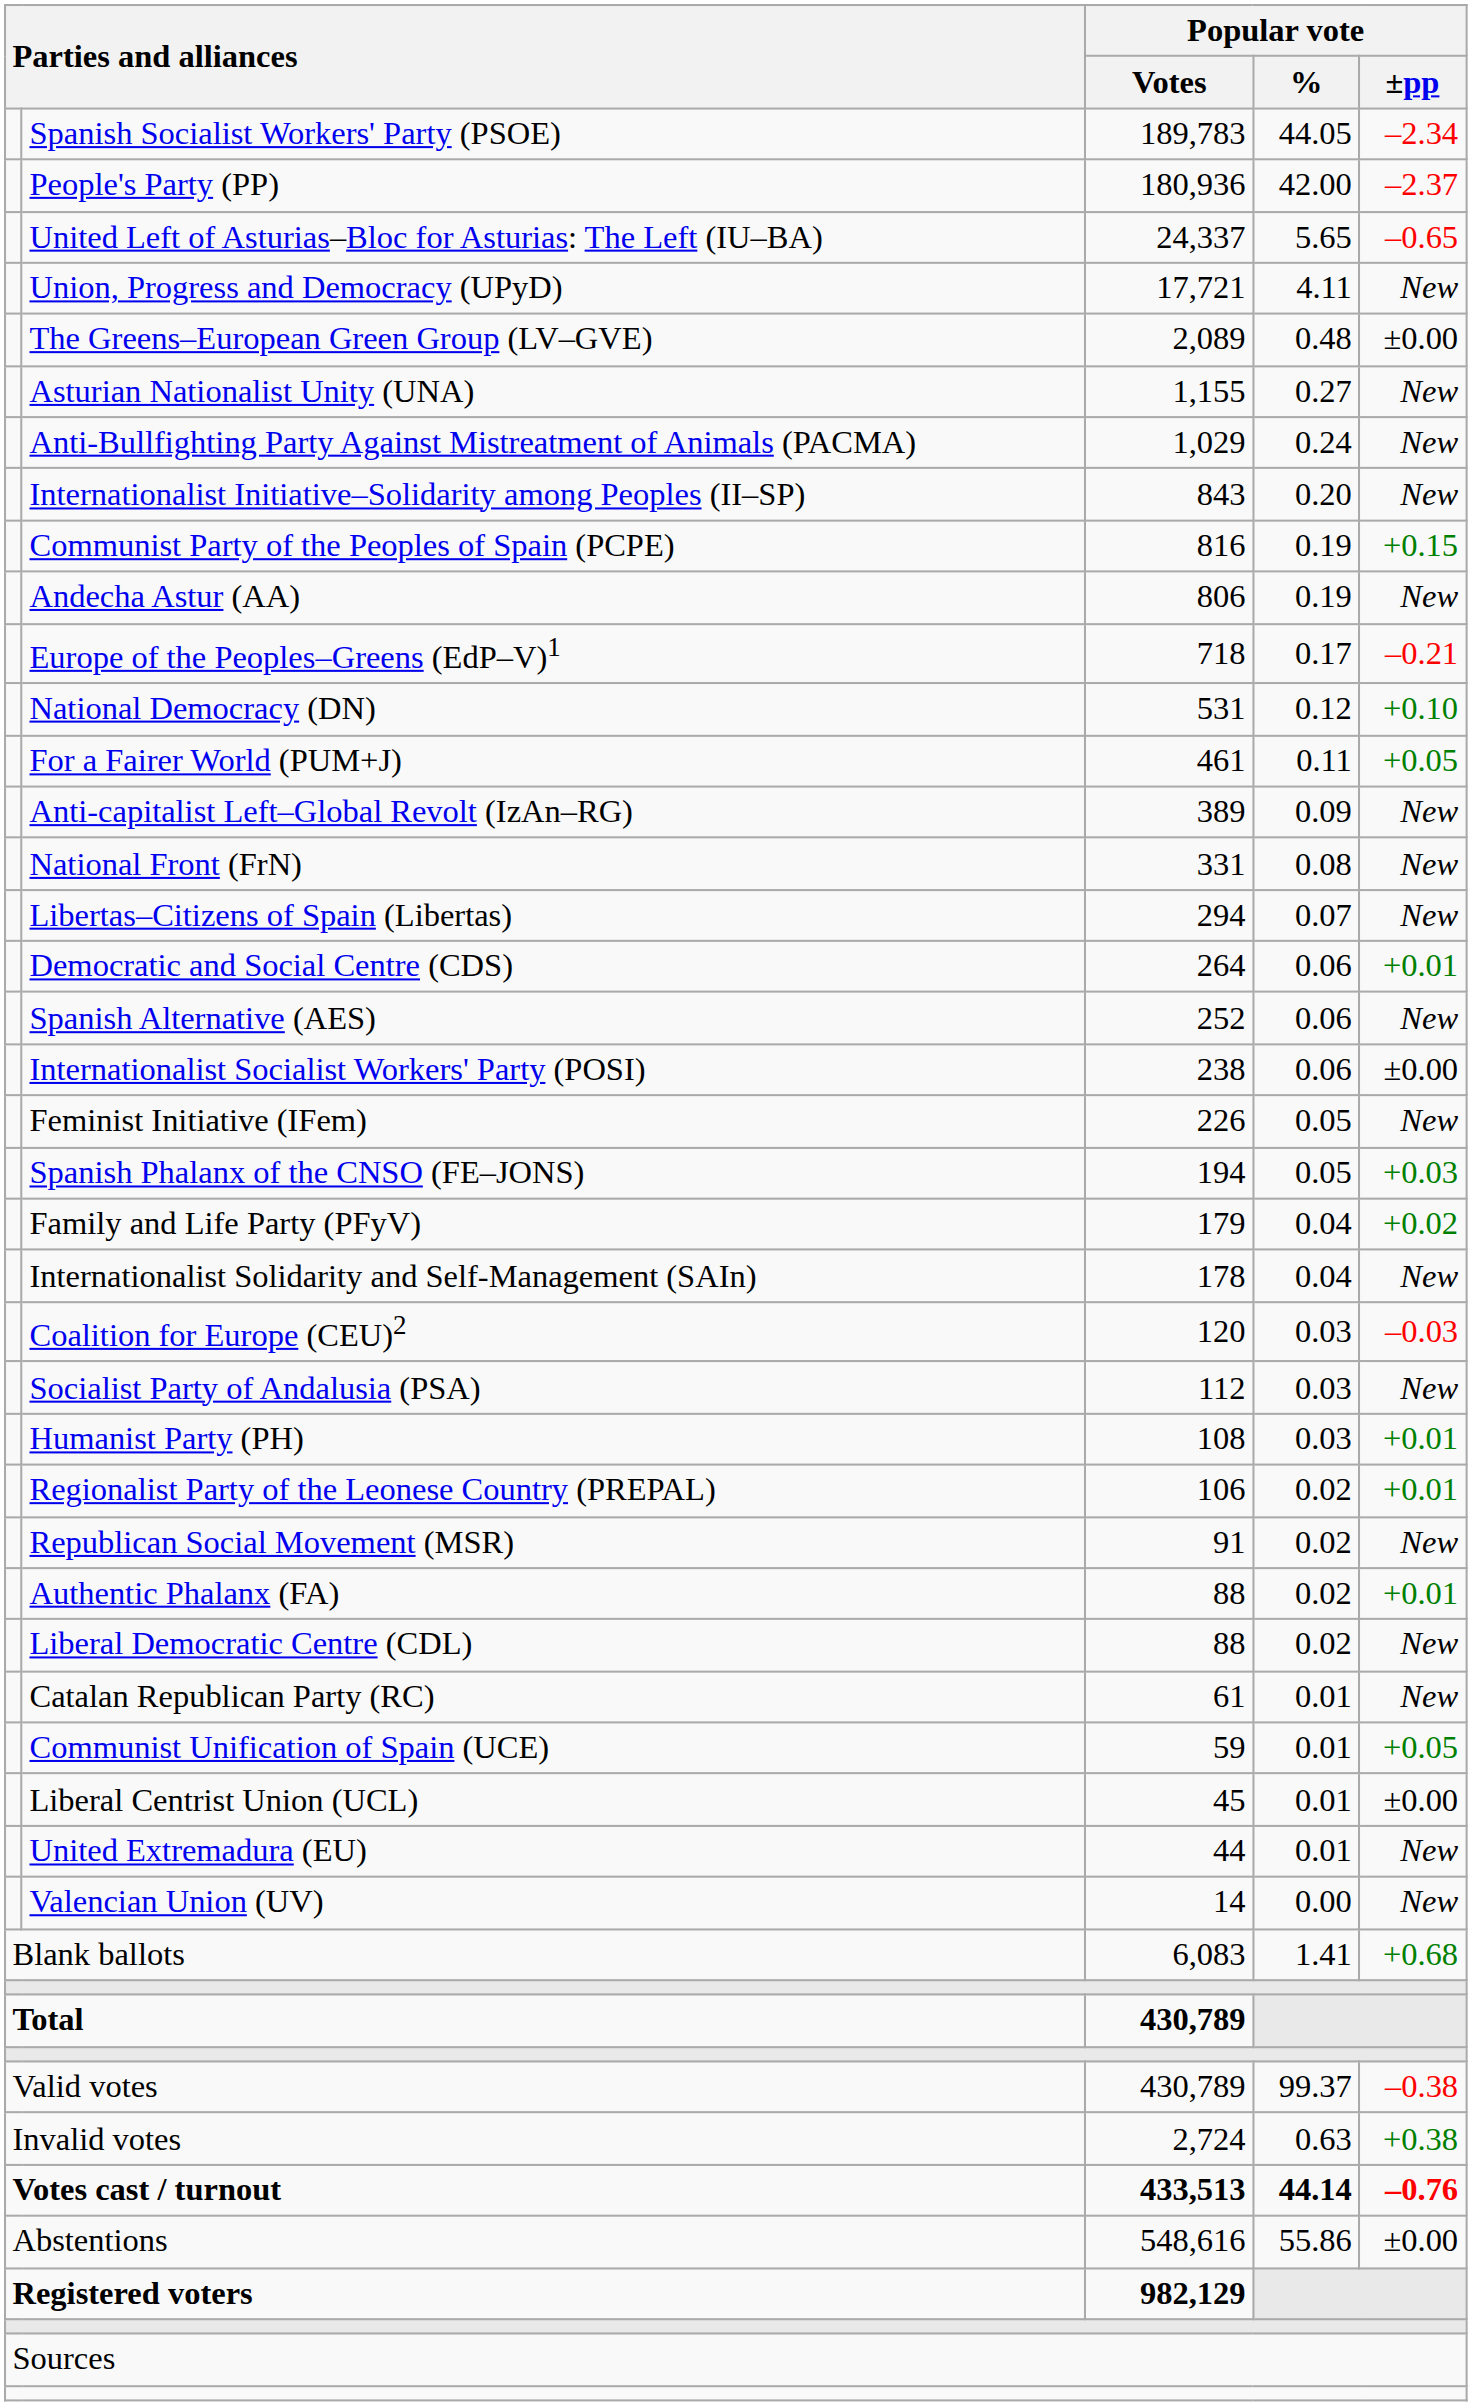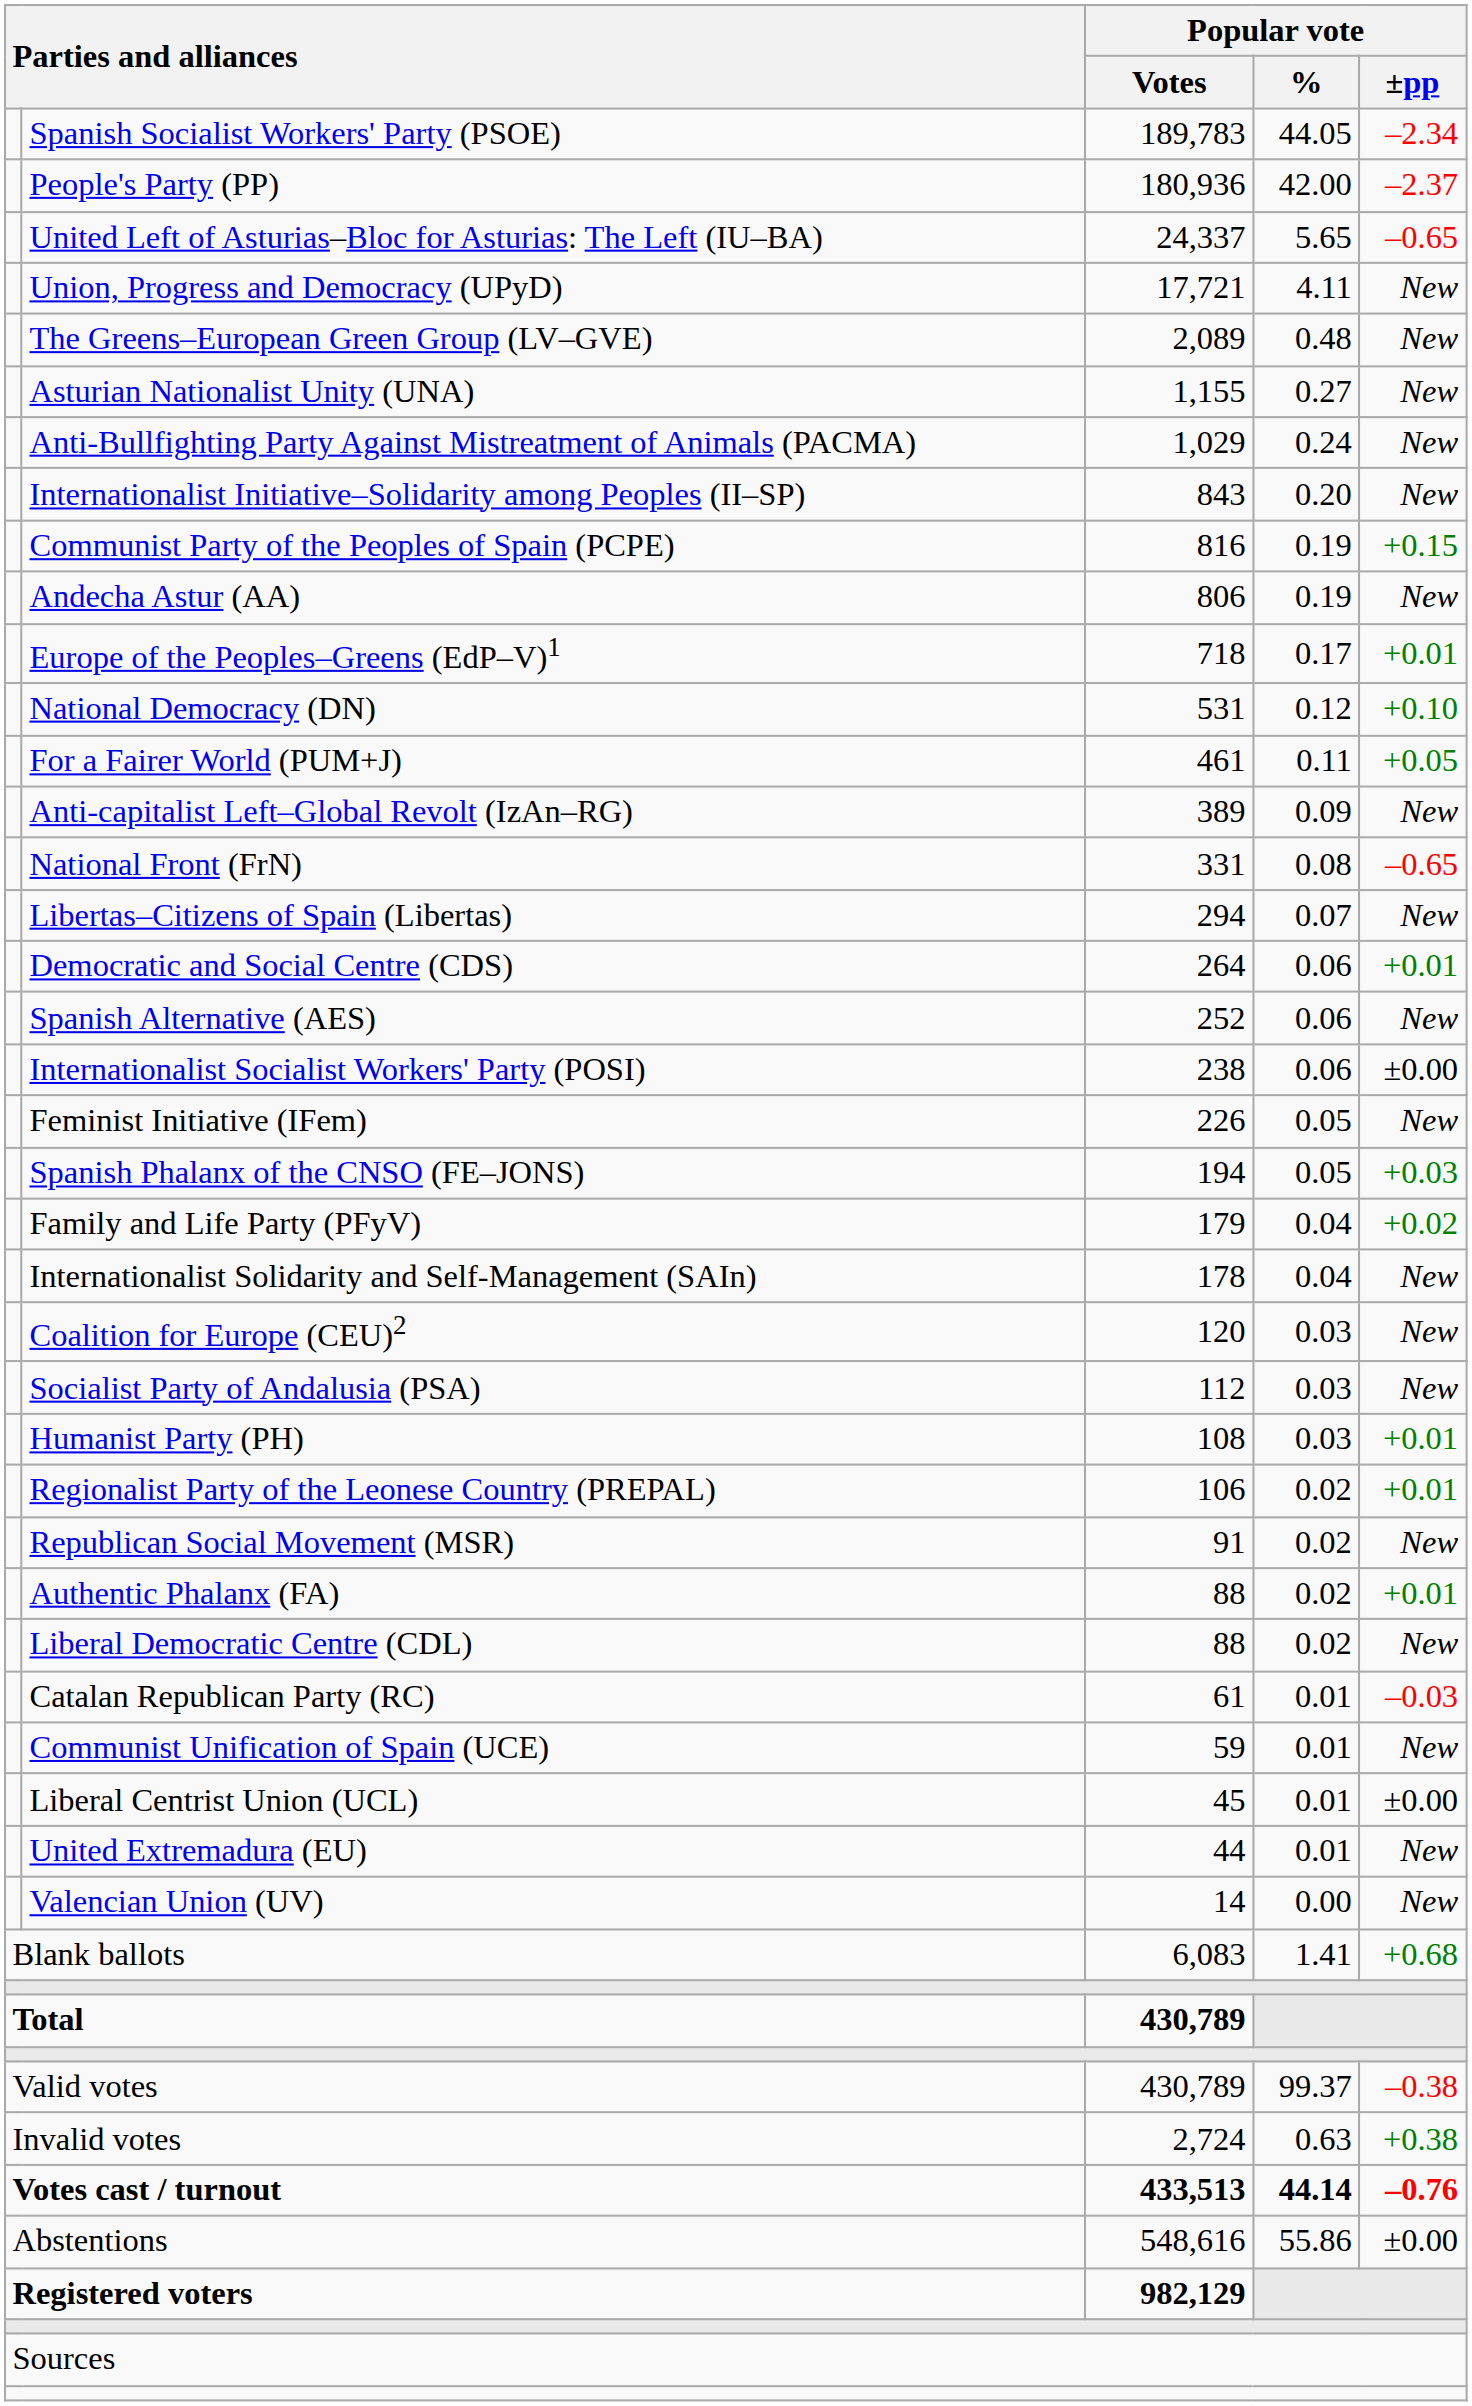 <table class="wikitable" style="text-align:right">
 <tr>
 <th style="text-align:left;" rowspan="2" colspan="2" width="525">Parties and alliances</th>
 <th colspan="3">Popular vote</th>
 </tr>
 <tr>
 <th width="75">Votes</th>
 <th width="45">%</th>
 <th width="45">±<a href='#'>pp</a></th>
 </tr>
 <tr>
 <td width="1" style="color:inherit;background:"></td>
 <td align="left"><a href='#'>Spanish Socialist Workers' Party</a> (PSOE)</td>
 <td>189,783</td>
 <td>44.05</td>
 <td style="color:red;">–2.34</td>
 </tr>
 <tr>
 <td style="color:inherit;background:"></td>
 <td align="left"><a href='#'>People's Party</a> (PP)</td>
 <td>180,936</td>
 <td>42.00</td>
 <td style="color:red;">–2.37</td>
 </tr>
 <tr>
 <td style="color:inherit;background:"></td>
 <td align="left"><a href='#'>United Left of Asturias</a>–<a href='#'>Bloc for Asturias</a>: <a href='#'>The Left</a> (IU–BA)</td>
 <td>24,337</td>
 <td>5.65</td>
 <td style="color:red;">–0.65</td>
 </tr>
 <tr>
 <td style="color:inherit;background:"></td>
 <td align="left"><a href='#'>Union, Progress and Democracy</a> (UPyD)</td>
 <td>17,721</td>
 <td>4.11</td>
 <td><em>New</em></td>
 </tr>
 <tr>
 <td style="color:inherit;background:"></td>
 <td align="left"><a href='#'>The Greens–European Green Group</a> (LV–GVE)</td>
 <td>2,089</td>
 <td>0.48</td>
-<td>±0.00</td>
+<td><em>New</em></td>
 </tr>
 <tr>
 <td style="color:inherit;background:"></td>
 <td align="left"><a href='#'>Asturian Nationalist Unity</a> (UNA)</td>
 <td>1,155</td>
 <td>0.27</td>
 <td><em>New</em></td>
 </tr>
 <tr>
 <td style="color:inherit;background:"></td>
 <td align="left"><a href='#'>Anti-Bullfighting Party Against Mistreatment of Animals</a> (PACMA)</td>
 <td>1,029</td>
 <td>0.24</td>
 <td><em>New</em></td>
 </tr>
 <tr>
 <td style="color:inherit;background:"></td>
 <td align="left"><a href='#'>Internationalist Initiative–Solidarity among Peoples</a> (II–SP)</td>
 <td>843</td>
 <td>0.20</td>
 <td><em>New</em></td>
 </tr>
 <tr>
 <td style="color:inherit;background:"></td>
 <td align="left"><a href='#'>Communist Party of the Peoples of Spain</a> (PCPE)</td>
 <td>816</td>
 <td>0.19</td>
 <td style="color:green;">+0.15</td>
 </tr>
 <tr>
 <td style="color:inherit;background:"></td>
 <td align="left"><a href='#'>Andecha Astur</a> (AA)</td>
 <td>806</td>
 <td>0.19</td>
 <td><em>New</em></td>
 </tr>
 <tr>
 <td style="color:inherit;background:"></td>
 <td align="left"><a href='#'>Europe of the Peoples–Greens</a> (EdP–V)<sup>1</sup></td>
 <td>718</td>
 <td>0.17</td>
-<td style="color:red;">–0.21</td>
+<td style="color:green;">+0.01</td>
 </tr>
 <tr>
 <td style="color:inherit;background:"></td>
 <td align="left"><a href='#'>National Democracy</a> (DN)</td>
 <td>531</td>
 <td>0.12</td>
 <td style="color:green;">+0.10</td>
 </tr>
 <tr>
 <td style="color:inherit;background:"></td>
 <td align="left"><a href='#'>For a Fairer World</a> (PUM+J)</td>
 <td>461</td>
 <td>0.11</td>
 <td style="color:green;">+0.05</td>
 </tr>
 <tr>
 <td style="color:inherit;background:"></td>
 <td align="left"><a href='#'>Anti-capitalist Left–Global Revolt</a> (IzAn–RG)</td>
 <td>389</td>
 <td>0.09</td>
 <td><em>New</em></td>
 </tr>
 <tr>
 <td style="color:inherit;background:"></td>
 <td align="left"><a href='#'>National Front</a> (FrN)</td>
 <td>331</td>
 <td>0.08</td>
-<td><em>New</em></td>
+<td style="color:red;">–0.65</td>
 </tr>
 <tr>
 <td style="color:inherit;background:"></td>
 <td align="left"><a href='#'>Libertas–Citizens of Spain</a> (Libertas)</td>
 <td>294</td>
 <td>0.07</td>
 <td><em>New</em></td>
 </tr>
 <tr>
 <td style="color:inherit;background:"></td>
 <td align="left"><a href='#'>Democratic and Social Centre</a> (CDS)</td>
 <td>264</td>
 <td>0.06</td>
 <td style="color:green;">+0.01</td>
 </tr>
 <tr>
 <td style="color:inherit;background:"></td>
 <td align="left"><a href='#'>Spanish Alternative</a> (AES)</td>
 <td>252</td>
 <td>0.06</td>
 <td><em>New</em></td>
 </tr>
 <tr>
 <td style="color:inherit;background:"></td>
 <td align="left"><a href='#'>Internationalist Socialist Workers' Party</a> (POSI)</td>
 <td>238</td>
 <td>0.06</td>
 <td>±0.00</td>
 </tr>
 <tr>
 <td style="color:inherit;background:"></td>
 <td align="left">Feminist Initiative (IFem)</td>
 <td>226</td>
 <td>0.05</td>
 <td><em>New</em></td>
 </tr>
 <tr>
 <td style="color:inherit;background:"></td>
 <td align="left"><a href='#'>Spanish Phalanx of the CNSO</a> (FE–JONS)</td>
 <td>194</td>
 <td>0.05</td>
 <td style="color:green;">+0.03</td>
 </tr>
 <tr>
 <td style="color:inherit;background:"></td>
 <td align="left">Family and Life Party (PFyV)</td>
 <td>179</td>
 <td>0.04</td>
 <td style="color:green;">+0.02</td>
 </tr>
 <tr>
 <td style="color:inherit;background:"></td>
 <td align="left">Internationalist Solidarity and Self-Management (SAIn)</td>
 <td>178</td>
 <td>0.04</td>
 <td><em>New</em></td>
 </tr>
 <tr>
 <td style="color:inherit;background:"></td>
 <td align="left"><a href='#'>Coalition for Europe</a> (CEU)<sup>2</sup></td>
 <td>120</td>
 <td>0.03</td>
-<td style="color:red;">–0.03</td>
+<td><em>New</em></td>
 </tr>
 <tr>
 <td style="color:inherit;background:"></td>
 <td align="left"><a href='#'>Socialist Party of Andalusia</a> (PSA)</td>
 <td>112</td>
 <td>0.03</td>
 <td><em>New</em></td>
 </tr>
 <tr>
 <td style="color:inherit;background:"></td>
 <td align="left"><a href='#'>Humanist Party</a> (PH)</td>
 <td>108</td>
 <td>0.03</td>
 <td style="color:green;">+0.01</td>
 </tr>
 <tr>
 <td style="color:inherit;background:"></td>
 <td align="left"><a href='#'>Regionalist Party of the Leonese Country</a> (PREPAL)</td>
 <td>106</td>
 <td>0.02</td>
 <td style="color:green;">+0.01</td>
 </tr>
 <tr>
 <td style="color:inherit;background:"></td>
 <td align="left"><a href='#'>Republican Social Movement</a> (MSR)</td>
 <td>91</td>
 <td>0.02</td>
 <td><em>New</em></td>
 </tr>
 <tr>
 <td style="color:inherit;background:"></td>
 <td align="left"><a href='#'>Authentic Phalanx</a> (FA)</td>
 <td>88</td>
 <td>0.02</td>
 <td style="color:green;">+0.01</td>
 </tr>
 <tr>
 <td style="color:inherit;background:"></td>
 <td align="left"><a href='#'>Liberal Democratic Centre</a> (CDL)</td>
 <td>88</td>
 <td>0.02</td>
 <td><em>New</em></td>
 </tr>
 <tr>
 <td style="color:inherit;background:"></td>
 <td align="left">Catalan Republican Party (RC)</td>
 <td>61</td>
 <td>0.01</td>
-<td><em>New</em></td>
+<td style="color:red;">–0.03</td>
 </tr>
 <tr>
 <td style="color:inherit;background:"></td>
 <td align="left"><a href='#'>Communist Unification of Spain</a> (UCE)</td>
 <td>59</td>
 <td>0.01</td>
-<td style="color:green;">+0.05</td>
+<td><em>New</em></td>
 </tr>
 <tr>
 <td style="color:inherit;background:"></td>
 <td align="left">Liberal Centrist Union (UCL)</td>
 <td>45</td>
 <td>0.01</td>
 <td>±0.00</td>
 </tr>
 <tr>
 <td style="color:inherit;background:"></td>
 <td align="left"><a href='#'>United Extremadura</a> (EU)</td>
 <td>44</td>
 <td>0.01</td>
 <td><em>New</em></td>
 </tr>
 <tr>
 <td style="color:inherit;background:"></td>
 <td align="left"><a href='#'>Valencian Union</a> (UV)</td>
 <td>14</td>
 <td>0.00</td>
 <td><em>New</em></td>
 </tr>
 <tr>
 <td align="left" colspan="2">Blank ballots</td>
 <td>6,083</td>
 <td>1.41</td>
 <td style="color:green;">+0.68</td>
 </tr>
 <tr>
 <td colspan="5" bgcolor="#E9E9E9"></td>
 </tr>
 <tr style="font-weight:bold;">
 <td align="left" colspan="2">Total</td>
 <td>430,789</td>
 <td bgcolor="#E9E9E9" colspan="2"></td>
 </tr>
 <tr>
 <td colspan="5" bgcolor="#E9E9E9"></td>
 </tr>
 <tr>
 <td align="left" colspan="2">Valid votes</td>
 <td>430,789</td>
 <td>99.37</td>
 <td style="color:red;">–0.38</td>
 </tr>
 <tr>
 <td align="left" colspan="2">Invalid votes</td>
 <td>2,724</td>
 <td>0.63</td>
 <td style="color:green;">+0.38</td>
 </tr>
 <tr style="font-weight:bold;">
 <td align="left" colspan="2">Votes cast / turnout</td>
 <td>433,513</td>
 <td>44.14</td>
 <td style="color:red;">–0.76</td>
 </tr>
 <tr>
 <td align="left" colspan="2">Abstentions</td>
 <td>548,616</td>
 <td>55.86</td>
 <td>±0.00</td>
 </tr>
 <tr style="font-weight:bold;">
 <td align="left" colspan="2">Registered voters</td>
 <td>982,129</td>
 <td bgcolor="#E9E9E9" colspan="2"></td>
 </tr>
 <tr>
 <td colspan="5" bgcolor="#E9E9E9"></td>
 </tr>
 <tr>
 <td align="left" colspan="5">Sources</td>
 </tr>
 <tr>
 <td colspan="5" style="text-align:left; max-width:680px;"></td>
 </tr>
 </table>
